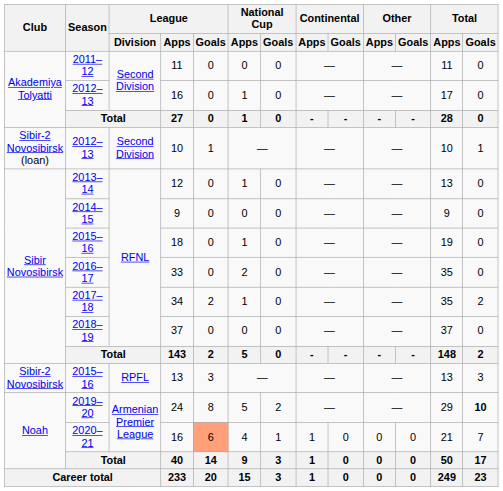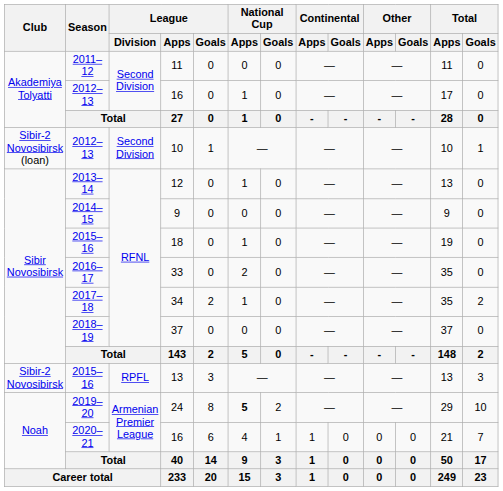 <table class="wikitable" style="text-align:center">
 <tr>
 <th rowspan="2">Club</th>
 <th rowspan="2">Season</th>
 <th colspan="3">League</th>
 <th colspan="2">National Cup</th>
 <th colspan="2">Continental</th>
 <th colspan="2">Other</th>
 <th colspan="2">Total</th>
 </tr>
 <tr>
 <th>Division</th>
 <th>Apps</th>
 <th>Goals</th>
 <th>Apps</th>
 <th>Goals</th>
 <th>Apps</th>
 <th>Goals</th>
 <th>Apps</th>
 <th>Goals</th>
 <th>Apps</th>
 <th>Goals</th>
 </tr>
 <tr>
 <td rowspan="3"><a href='#'>Akademiya Tolyatti</a></td>
 <td><a href='#'>2011–12</a></td>
 <td rowspan="2"><a href='#'>Second Division</a></td>
 <td>11</td>
 <td>0</td>
 <td>0</td>
 <td>0</td>
 <td colspan="2">—</td>
 <td colspan="2">—</td>
 <td>11</td>
 <td>0</td>
 </tr>
 <tr>
 <td><a href='#'>2012–13</a></td>
 <td>16</td>
 <td>0</td>
 <td>1</td>
 <td>0</td>
 <td colspan="2">—</td>
 <td colspan="2">—</td>
 <td>17</td>
 <td>0</td>
 </tr>
 <tr>
 <th colspan="2">Total</th>
 <th>27</th>
 <th>0</th>
 <th>1</th>
 <th>0</th>
 <th>-</th>
 <th>-</th>
 <th>-</th>
 <th>-</th>
 <th>28</th>
 <th>0</th>
 </tr>
 <tr>
 <td><a href='#'>Sibir-2 Novosibirsk</a> (loan)</td>
 <td><a href='#'>2012–13</a></td>
 <td><a href='#'>Second Division</a></td>
 <td>10</td>
 <td>1</td>
 <td colspan="2">—</td>
 <td colspan="2">—</td>
 <td colspan="2">—</td>
 <td>10</td>
 <td>1</td>
 </tr>
 <tr>
 <td rowspan="7"><a href='#'>Sibir Novosibirsk</a></td>
 <td><a href='#'>2013–14</a></td>
 <td rowspan="6"><a href='#'>RFNL</a></td>
 <td>12</td>
 <td>0</td>
 <td>1</td>
 <td>0</td>
 <td colspan="2">—</td>
 <td colspan="2">—</td>
 <td>13</td>
 <td>0</td>
 </tr>
 <tr>
 <td><a href='#'>2014–15</a></td>
 <td>9</td>
 <td>0</td>
 <td>0</td>
 <td>0</td>
 <td colspan="2">—</td>
 <td colspan="2">—</td>
 <td>9</td>
 <td>0</td>
 </tr>
 <tr>
 <td><a href='#'>2015–16</a></td>
 <td>18</td>
 <td>0</td>
 <td>1</td>
 <td>0</td>
 <td colspan="2">—</td>
 <td colspan="2">—</td>
 <td>19</td>
 <td>0</td>
 </tr>
 <tr>
 <td><a href='#'>2016–17</a></td>
 <td>33</td>
 <td>0</td>
 <td>2</td>
 <td>0</td>
 <td colspan="2">—</td>
 <td colspan="2">—</td>
 <td>35</td>
 <td>0</td>
 </tr>
 <tr>
 <td><a href='#'>2017–18</a></td>
 <td>34</td>
 <td>2</td>
 <td>1</td>
 <td>0</td>
 <td colspan="2">—</td>
 <td colspan="2">—</td>
 <td>35</td>
 <td>2</td>
 </tr>
 <tr>
 <td><a href='#'>2018–19</a></td>
 <td>37</td>
 <td>0</td>
 <td>0</td>
 <td>0</td>
 <td colspan="2">—</td>
 <td colspan="2">—</td>
 <td>37</td>
 <td>0</td>
 </tr>
 <tr>
 <th colspan="2">Total</th>
 <th>143</th>
 <th>2</th>
 <th>5</th>
 <th>0</th>
 <th>-</th>
 <th>-</th>
 <th>-</th>
 <th>-</th>
 <th>148</th>
 <th>2</th>
 </tr>
 <tr>
 <td><a href='#'>Sibir-2 Novosibirsk</a></td>
 <td><a href='#'>2015–16</a></td>
 <td><a href='#'>RPFL</a></td>
 <td>13</td>
 <td>3</td>
 <td colspan="2">—</td>
 <td colspan="2">—</td>
 <td colspan="2">—</td>
 <td>13</td>
 <td>3</td>
 </tr>
 <tr>
 <td rowspan="3"><a href='#'>Noah</a></td>
 <td><a href='#'>2019–20</a></td>
 <td rowspan="2"><a href='#'>Armenian Premier League</a></td>
 <td>24</td>
 <td>8</td>
-<td>5</td>
+<td><strong>5</strong></td>
 <td>2</td>
 <td colspan="2">—</td>
 <td colspan="2">—</td>
 <td>29</td>
-<td><strong>10</strong></td>
+<td>10</td>
 </tr>
 <tr>
 <td><a href='#'>2020–21</a></td>
 <td>16</td>
-<td style="background: lightsalmon;">6</td>
+<td>6</td>
 <td>4</td>
 <td>1</td>
 <td>1</td>
 <td>0</td>
 <td>0</td>
 <td>0</td>
 <td>21</td>
 <td>7</td>
 </tr>
 <tr>
 <th colspan="2">Total</th>
 <th>40</th>
 <th>14</th>
 <th>9</th>
 <th>3</th>
 <th>1</th>
 <th>0</th>
 <th>0</th>
 <th>0</th>
 <th>50</th>
 <th>17</th>
 </tr>
 <tr>
 <th colspan="3">Career total</th>
 <th>233</th>
 <th>20</th>
 <th>15</th>
 <th>3</th>
 <th>1</th>
 <th>0</th>
 <th>0</th>
 <th>0</th>
 <th>249</th>
 <th>23</th>
 </tr>
 </table>
